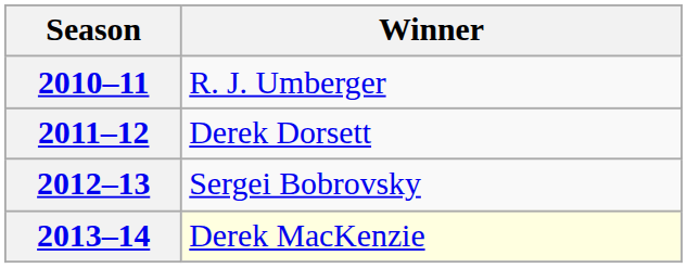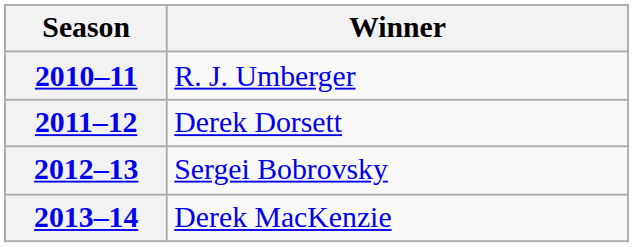 <table class="wikitable">
 <tr>
 <th scope="col" style="width:5em">Season</th>
 <th scope="col" style="width:15em">Winner</th>
 </tr>
 <tr>
 <th scope="row"><a href='#'>2010–11</a></th>
 <td><a href='#'>R. J. Umberger</a></td>
 </tr>
 <tr>
 <th scope="row"><a href='#'>2011–12</a></th>
 <td><a href='#'>Derek Dorsett</a></td>
 </tr>
 <tr>
 <th scope="row"><a href='#'>2012–13</a></th>
 <td><a href='#'>Sergei Bobrovsky</a></td>
 </tr>
 <tr>
 <th scope="row"><a href='#'>2013–14</a></th>
-<td style="background: lightyellow;"><a href='#'>Derek MacKenzie</a></td>
+<td><a href='#'>Derek MacKenzie</a></td>
 </tr>
 </table>
